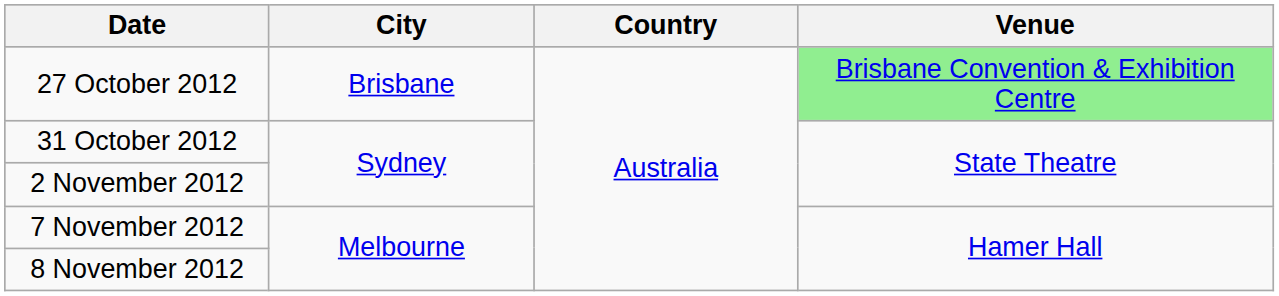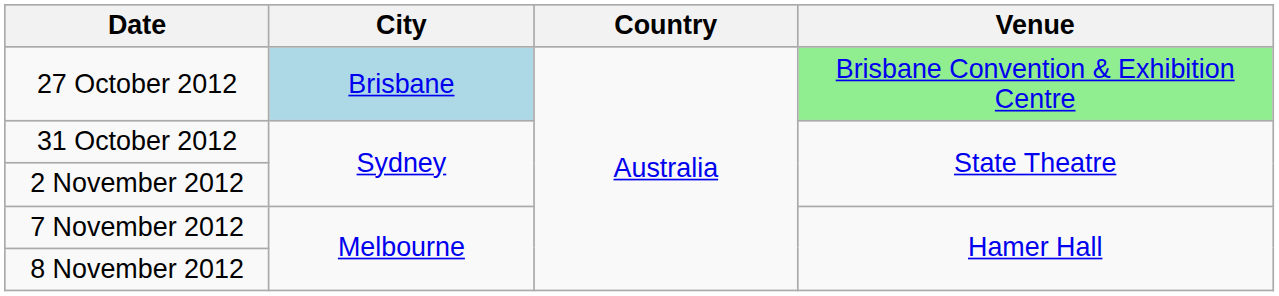 <table class="wikitable" style="text-align:center;">
 <tr>
 <th width="150">Date</th>
 <th width="150">City</th>
 <th width="150">Country</th>
 <th width="275">Venue</th>
 </tr>
 <tr>
 <td>27 October 2012</td>
-<td><a href='#'>Brisbane</a></td>
+<td style="background: lightblue;"><a href='#'>Brisbane</a></td>
 <td rowspan="5"><a href='#'>Australia</a></td>
 <td style="background: lightgreen;"><a href='#'>Brisbane Convention & Exhibition Centre</a></td>
 </tr>
 <tr>
 <td>31 October 2012</td>
 <td rowspan=2><a href='#'>Sydney</a></td>
 <td rowspan=2><a href='#'>State Theatre</a></td>
 </tr>
 <tr>
 <td>2 November 2012</td>
 </tr>
 <tr>
 <td>7 November 2012</td>
 <td rowspan=2><a href='#'>Melbourne</a></td>
 <td rowspan=2><a href='#'>Hamer Hall</a></td>
 </tr>
 <tr>
 <td>8 November 2012</td>
 </tr>
 </table>
